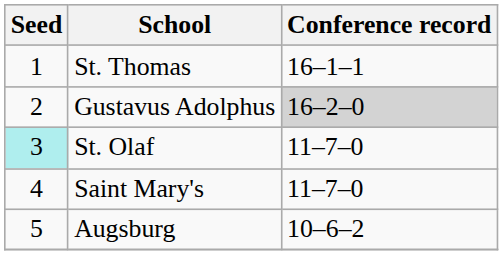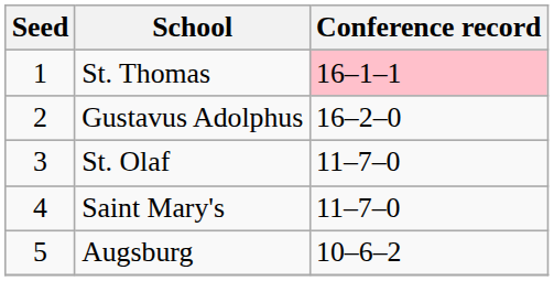 <table class="wikitable">
 <tr>
 <th>Seed</th>
 <th>School</th>
 <th>Conference record</th>
 </tr>
 <tr>
 <td align=center>1</td>
 <td>St. Thomas</td>
-<td>16–1–1</td>
+<td style="background: pink;">16–1–1</td>
 </tr>
 <tr>
 <td align=center>2</td>
 <td>Gustavus Adolphus</td>
-<td style="background: lightgrey;">16–2–0</td>
+<td>16–2–0</td>
 </tr>
 <tr>
-<td align=center style="background: paleturquoise;">3</td>
+<td align=center>3</td>
 <td>St. Olaf</td>
 <td>11–7–0</td>
 </tr>
 <tr>
 <td align=center>4</td>
 <td>Saint Mary's</td>
 <td>11–7–0</td>
 </tr>
 <tr>
 <td align=center>5</td>
 <td>Augsburg</td>
 <td>10–6–2</td>
 </tr>
 <tr>
 </tr>
 </table>
